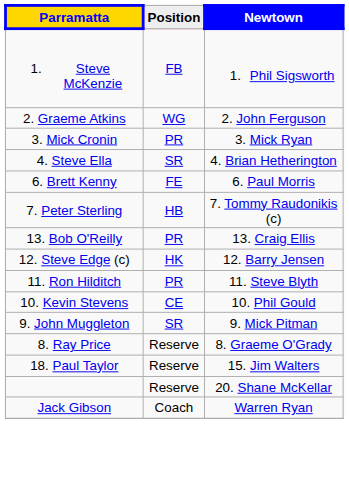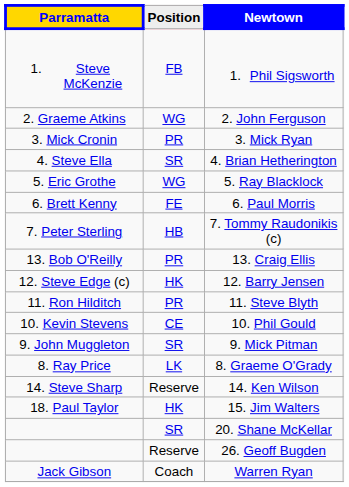 <table align="right" class="wikitable" style="font-size:90%; text-align:center; margin-left:1em">
 <tr bgcolor="#FF0033">
 <th style="width:140px; border:3px solid blue; background: gold; color: blue">Parramatta</th>
 <th style="width:40px; text-align:center; background:#eee; color:black;">Position</th>
 <th style="width:140px; border:3px solid blue; background: blue; color: white">Newtown</th>
 </tr>
 <tr>
 <td><br><ol><li><a href='#'>Steve McKenzie</a></li></ol></td>
 <td><a href='#'>FB</a></td>
 <td><br><ol><li><a href='#'>Phil Sigsworth</a></li></ol></td>
 </tr>
 <tr>
 <td>2. <a href='#'>Graeme Atkins</a></td>
 <td><a href='#'>WG</a></td>
 <td>2. <a href='#'>John Ferguson</a></td>
 </tr>
 <tr>
 <td>3. <a href='#'>Mick Cronin</a></td>
 <td><a href='#'>PR</a></td>
 <td>3. <a href='#'>Mick Ryan</a></td>
 </tr>
 <tr>
 <td>4. <a href='#'>Steve Ella</a></td>
 <td><a href='#'>SR</a></td>
 <td>4. <a href='#'>Brian Hetherington</a></td>
+</tr>
+<tr>
+<td>5. <a href='#'>Eric Grothe</a></td>
+<td><a href='#'>WG</a></td>
+<td>5. <a href='#'>Ray Blacklock</a></td>
 </tr>
 <tr>
 <td>6. <a href='#'>Brett Kenny</a></td>
 <td><a href='#'>FE</a></td>
 <td>6. <a href='#'>Paul Morris</a></td>
 </tr>
 <tr>
 <td>7. <a href='#'>Peter Sterling</a></td>
 <td><a href='#'>HB</a></td>
 <td>7. <a href='#'>Tommy Raudonikis</a> (c)</td>
 </tr>
 <tr>
 <td>13. <a href='#'>Bob O'Reilly</a></td>
 <td><a href='#'>PR</a></td>
 <td>13. <a href='#'>Craig Ellis</a></td>
 </tr>
 <tr>
 <td>12. <a href='#'>Steve Edge</a> (c)</td>
 <td><a href='#'>HK</a></td>
 <td>12. <a href='#'>Barry Jensen</a></td>
 </tr>
 <tr>
 <td>11. <a href='#'>Ron Hilditch</a></td>
 <td><a href='#'>PR</a></td>
 <td>11. <a href='#'>Steve Blyth</a></td>
 </tr>
 <tr>
 <td>10. <a href='#'>Kevin Stevens</a></td>
 <td><a href='#'>CE</a></td>
 <td>10. <a href='#'>Phil Gould</a></td>
 </tr>
 <tr>
 <td>9. <a href='#'>John Muggleton</a></td>
 <td><a href='#'>SR</a></td>
 <td>9. <a href='#'>Mick Pitman</a></td>
 </tr>
 <tr>
 <td>8. <a href='#'>Ray Price</a></td>
-<td>Reserve</td>
+<td><a href='#'>LK</a></td>
 <td>8. <a href='#'>Graeme O'Grady</a></td>
 </tr>
 <tr>
+<td>14. <a href='#'>Steve Sharp</a></td>
+<td>Reserve</td>
+<td>14. <a href='#'>Ken Wilson</a></td>
+</tr>
+<tr>
 <td>18. <a href='#'>Paul Taylor</a></td>
-<td>Reserve</td>
+<td><a href='#'>HK</a></td>
 <td>15. <a href='#'>Jim Walters</a></td>
 </tr>
 <tr>
 <td></td>
+<td><a href='#'>SR</a></td>
+<td>20. <a href='#'>Shane McKellar</a></td>
+</tr>
+<tr>
+<td></td>
 <td>Reserve</td>
-<td>20. <a href='#'>Shane McKellar</a></td>
+<td>26. <a href='#'>Geoff Bugden</a></td>
 </tr>
 <tr>
 <td><a href='#'>Jack Gibson</a></td>
 <td>Coach</td>
 <td><a href='#'>Warren Ryan</a></td>
 </tr>
 <tr>
 </tr>
 </table>
